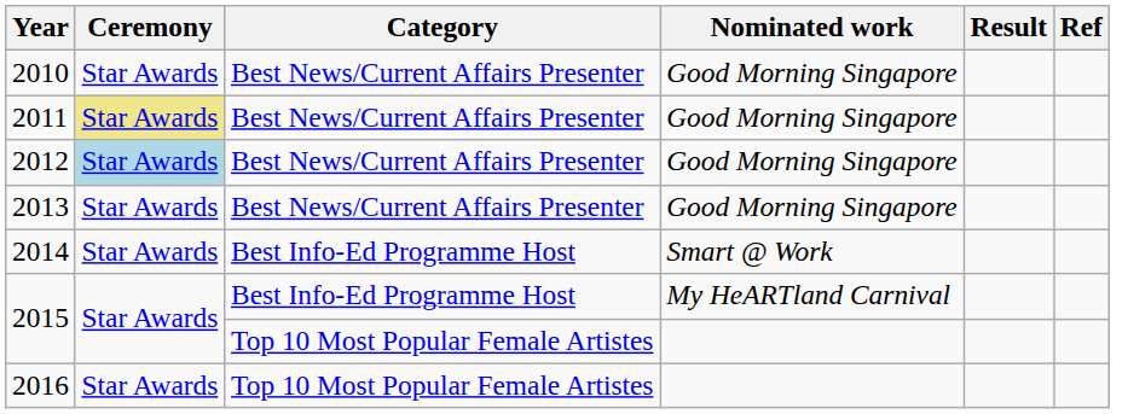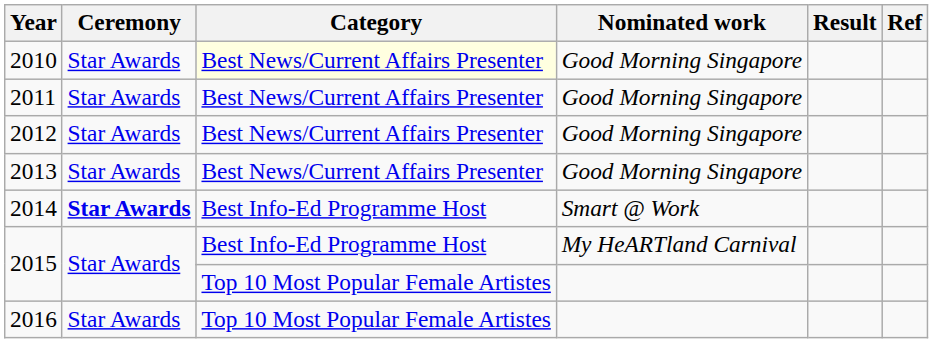 <table class="wikitable sortable">
 <tr>
 <th>Year</th>
 <th>Ceremony</th>
 <th>Category</th>
 <th>Nominated work</th>
 <th>Result</th>
 <th class="unsortable">Ref</th>
 </tr>
 <tr>
 <td>2010</td>
 <td><a href='#'>Star Awards</a></td>
-<td><a href='#'>Best News/Current Affairs Presenter</a></td>
+<td style="background: lightyellow;"><a href='#'>Best News/Current Affairs Presenter</a></td>
 <td><em>Good Morning Singapore</em></td>
 <td></td>
 <td></td>
 </tr>
 <tr>
 <td>2011</td>
-<td style="background: khaki;"><a href='#'>Star Awards</a></td>
+<td><a href='#'>Star Awards</a></td>
 <td><a href='#'>Best News/Current Affairs Presenter</a></td>
 <td><em>Good Morning Singapore</em></td>
 <td></td>
 <td></td>
 </tr>
 <tr>
 <td>2012</td>
-<td style="background: lightblue;"><a href='#'>Star Awards</a></td>
+<td><a href='#'>Star Awards</a></td>
 <td><a href='#'>Best News/Current Affairs Presenter</a></td>
 <td><em>Good Morning Singapore</em></td>
 <td></td>
 <td></td>
 </tr>
 <tr>
 <td>2013</td>
 <td><a href='#'>Star Awards</a></td>
 <td><a href='#'>Best News/Current Affairs Presenter</a></td>
 <td><em>Good Morning Singapore</em></td>
 <td></td>
 <td></td>
 </tr>
 <tr>
 <td>2014</td>
-<td><a href='#'>Star Awards</a></td>
+<td><strong><a href='#'>Star Awards</a></strong></td>
 <td><a href='#'>Best Info-Ed Programme Host</a></td>
 <td><em>Smart @ Work</em></td>
 <td></td>
 <td></td>
 </tr>
 <tr>
 <td rowspan="2">2015</td>
 <td rowspan="2"><a href='#'>Star Awards</a></td>
 <td><a href='#'>Best Info-Ed Programme Host</a></td>
 <td><em>My HeARTland Carnival</em></td>
 <td></td>
 <td></td>
 </tr>
 <tr>
 <td><a href='#'>Top 10 Most Popular Female Artistes</a></td>
 <td></td>
 <td></td>
 <td></td>
 </tr>
 <tr>
 <td>2016</td>
 <td><a href='#'>Star Awards</a></td>
 <td><a href='#'>Top 10 Most Popular Female Artistes</a></td>
 <td></td>
 <td></td>
 <td></td>
 </tr>
 </table>
